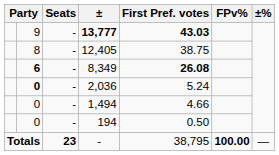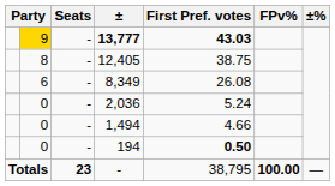 <table class="wikitable sortable" border="1">
 <tr>
 <th colspan=2 align=center>Party</th>
 <th valign=top>Seats</th>
 <th valign=top>±</th>
 <th valign=top>First Pref. votes</th>
 <th valign=top>FPv%</th>
 <th valign=top>±%</th>
 </tr>
 <tr>
 <td></td>
-<td align=right>9</td>
+<td align=right style="background: gold;">9</td>
 <td align=right>-</td>
 <td align=right><strong>13,777</strong></td>
 <td align=right><strong>43.03</strong></td>
 <td align=right></td>
 </tr>
 <tr>
 <td></td>
 <td align=right>8</td>
 <td align=right>-</td>
 <td align=right>12,405</td>
 <td align=right>38.75</td>
 <td align=right></td>
 </tr>
 <tr>
 <td></td>
-<td align=right><strong>6</strong></td>
+<td align=right>6</td>
 <td align=right>-</td>
 <td align=right>8,349</td>
-<td align=right><strong>26.08</strong></td>
+<td align=right>26.08</td>
 <td align=right></td>
 </tr>
 <tr>
 <td></td>
-<td align=right><strong>0</strong></td>
+<td align=right>0</td>
 <td align=right>-</td>
 <td align=right>2,036</td>
 <td align=right>5.24</td>
 <td align=right></td>
 </tr>
 <tr>
 <td></td>
 <td align=right>0</td>
 <td align=right>-</td>
 <td align=right>1,494</td>
 <td align=right>4.66</td>
 <td align=right></td>
 </tr>
 <tr>
 <td></td>
 <td align=right>0</td>
 <td align=right>-</td>
 <td align=right>194</td>
-<td align=right>0.50</td>
+<td align=right><strong>0.50</strong></td>
 <td align=right></td>
 </tr>
 <tr>
 <td colspan=2 align=center><strong>Totals</strong></td>
 <td align=right><strong>23</strong></td>
 <td align=center>-</td>
 <td align=right>38,795</td>
 <td align=center><strong>100.00</strong></td>
 <td align=center>—</td>
 </tr>
 </table>
